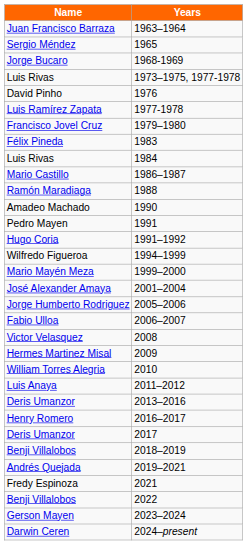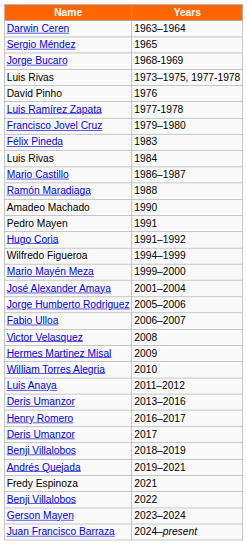 <table class="wikitable">
 <tr>
 <th style="color:#fff; background:#f60;">Name</th>
 <th style="color:#fff; background:#f60;">Years</th>
 </tr>
 <tr>
-<td> <a href='#'>Juan Francisco Barraza</a></td>
+<td> <a href='#'>Darwin Ceren</a></td>
 <td>1963–1964</td>
 </tr>
 <tr>
 <td> <a href='#'>Sergio Méndez</a></td>
 <td>1965</td>
 </tr>
 <tr>
 <td> <a href='#'>Jorge Bucaro</a></td>
 <td>1968-1969</td>
 </tr>
 <tr>
 <td> Luis Rivas</td>
 <td>1973–1975, 1977-1978</td>
 </tr>
 <tr>
 <td> David Pinho</td>
 <td>1976</td>
 </tr>
 <tr>
 <td> <a href='#'>Luis Ramírez Zapata</a></td>
 <td>1977-1978</td>
 </tr>
 <tr>
 <td> <a href='#'>Francisco Jovel Cruz</a></td>
 <td>1979–1980</td>
 </tr>
 <tr>
 <td> <a href='#'>Félix Pineda</a></td>
 <td>1983</td>
 </tr>
 <tr>
 <td> Luis Rivas</td>
 <td>1984</td>
 </tr>
 <tr>
 <td> <a href='#'>Mario Castillo</a></td>
 <td>1986–1987</td>
 </tr>
 <tr>
 <td> <a href='#'>Ramón Maradiaga</a></td>
 <td>1988</td>
 </tr>
 <tr>
 <td> Amadeo Machado</td>
 <td>1990</td>
 </tr>
 <tr>
 <td> Pedro Mayen</td>
 <td>1991</td>
 </tr>
 <tr>
 <td> <a href='#'>Hugo Coria</a></td>
 <td>1991–1992</td>
 </tr>
 <tr>
 <td> Wilfredo Figueroa</td>
 <td>1994–1999</td>
 </tr>
 <tr>
 <td> <a href='#'>Mario Mayén Meza</a></td>
 <td>1999–2000</td>
 </tr>
 <tr>
 <td> <a href='#'>José Alexander Amaya</a></td>
 <td>2001–2004</td>
 </tr>
 <tr>
 <td> <a href='#'>Jorge Humberto Rodriguez</a></td>
 <td>2005–2006</td>
 </tr>
 <tr>
 <td> <a href='#'>Fabio Ulloa</a></td>
 <td>2006–2007</td>
 </tr>
 <tr>
 <td> <a href='#'>Victor Velasquez</a></td>
 <td>2008</td>
 </tr>
 <tr>
 <td> <a href='#'>Hermes Martinez Misal</a></td>
 <td>2009</td>
 </tr>
 <tr>
 <td> <a href='#'>William Torres Alegria</a></td>
 <td>2010</td>
 </tr>
 <tr>
 <td> <a href='#'>Luis Anaya</a></td>
 <td>2011–2012</td>
 </tr>
 <tr>
 <td> <a href='#'>Deris Umanzor</a></td>
 <td>2013–2016</td>
 </tr>
 <tr>
 <td> <a href='#'>Henry Romero</a></td>
 <td>2016–2017</td>
 </tr>
 <tr>
 <td> <a href='#'>Deris Umanzor</a></td>
 <td>2017</td>
 </tr>
 <tr>
 <td> <a href='#'>Benji Villalobos</a></td>
 <td>2018–2019</td>
 </tr>
 <tr>
 <td> <a href='#'>Andrés Quejada</a></td>
 <td>2019–2021</td>
 </tr>
 <tr>
 <td> Fredy Espinoza</td>
 <td>2021</td>
 </tr>
 <tr>
 <td> <a href='#'>Benji Villalobos</a></td>
 <td>2022</td>
 </tr>
 <tr>
 <td> <a href='#'>Gerson Mayen</a></td>
 <td>2023–2024</td>
 </tr>
 <tr>
-<td> <a href='#'>Darwin Ceren</a></td>
+<td> <a href='#'>Juan Francisco Barraza</a></td>
 <td>2024–<em>present</em></td>
 </tr>
 </table>
